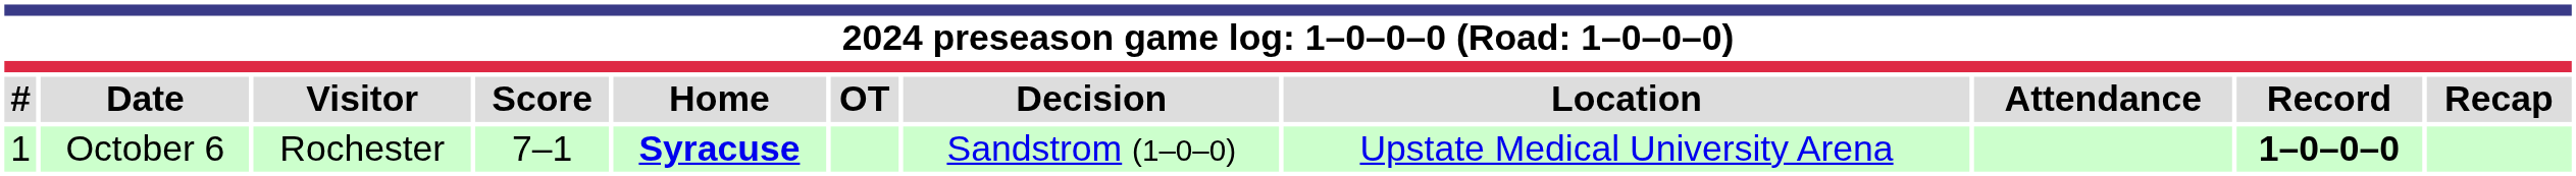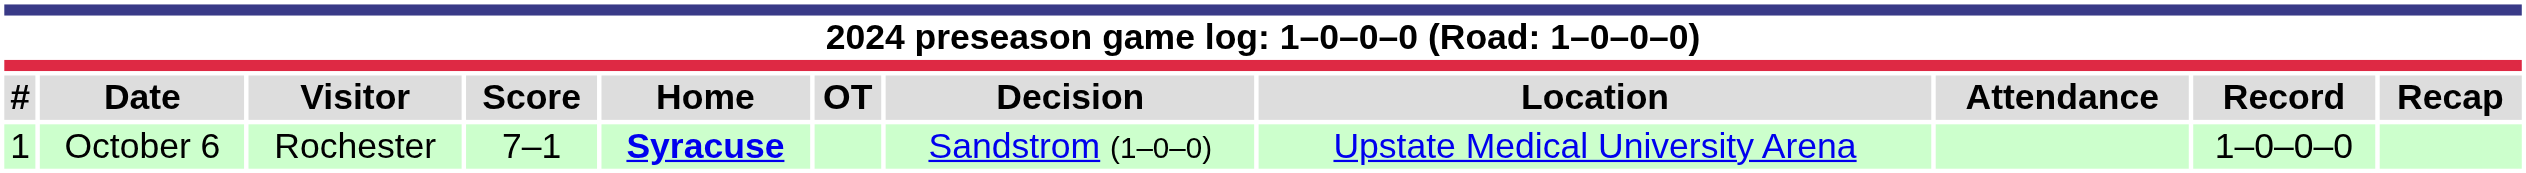 <table class="toccolours collapsible collapsed" style="width:90%; clear:both; margin:1.5em auto; text-align:center;">
 <tr>
 <th colspan="11" style="background:#FFFFFF; border-top:#393A87 5px solid; border-bottom:#DE2944 5px solid;">2024 preseason game log: 1–0–0–0 (Road: 1–0–0–0)</th>
 </tr>
 <tr style="background:#ddd;">
 <th>#</th>
 <th>Date</th>
 <th>Visitor</th>
 <th>Score</th>
 <th>Home</th>
 <th>OT</th>
 <th>Decision</th>
 <th>Location</th>
 <th>Attendance</th>
 <th>Record</th>
 <th>Recap</th>
 </tr>
 <tr style="background:#cfc;">
 <td>1</td>
 <td>October 6</td>
 <td>Rochester</td>
 <td>7–1</td>
 <td><strong><a href='#'>Syracuse</a></strong></td>
 <td></td>
 <td><a href='#'>Sandstrom</a> <small>(1–0–0)</small></td>
 <td><a href='#'>Upstate Medical University Arena</a></td>
 <td></td>
-<td><strong>1–0–0–0</strong></td>
+<td>1–0–0–0</td>
 <td></td>
 </tr>
 </table>
